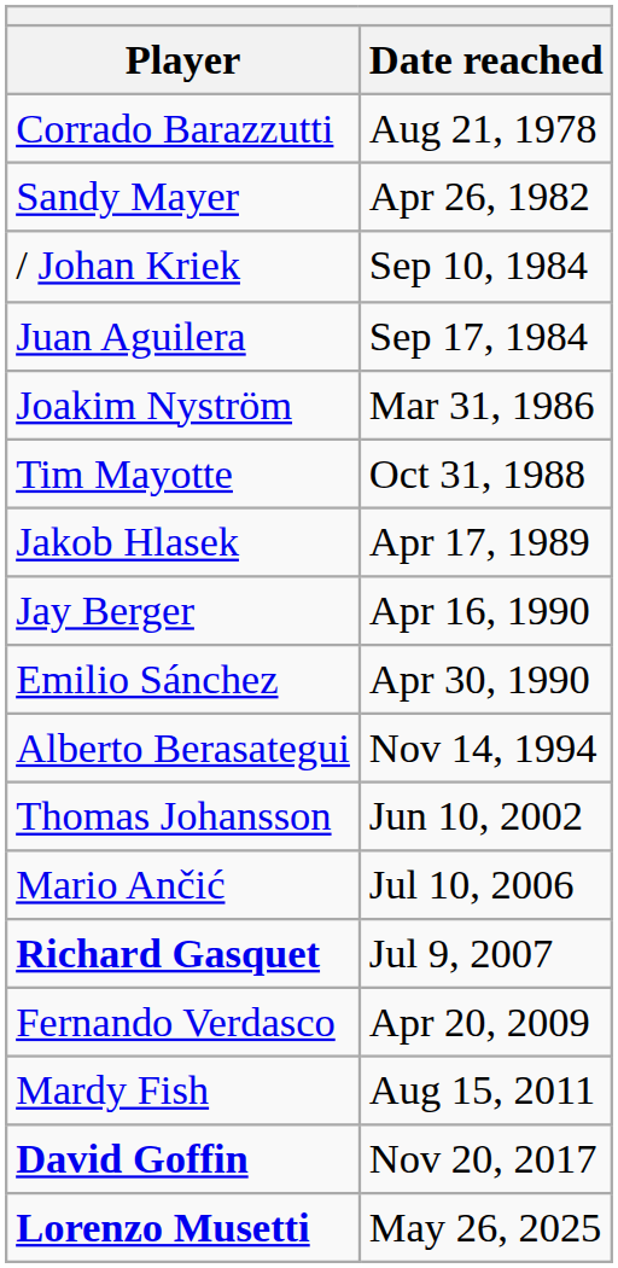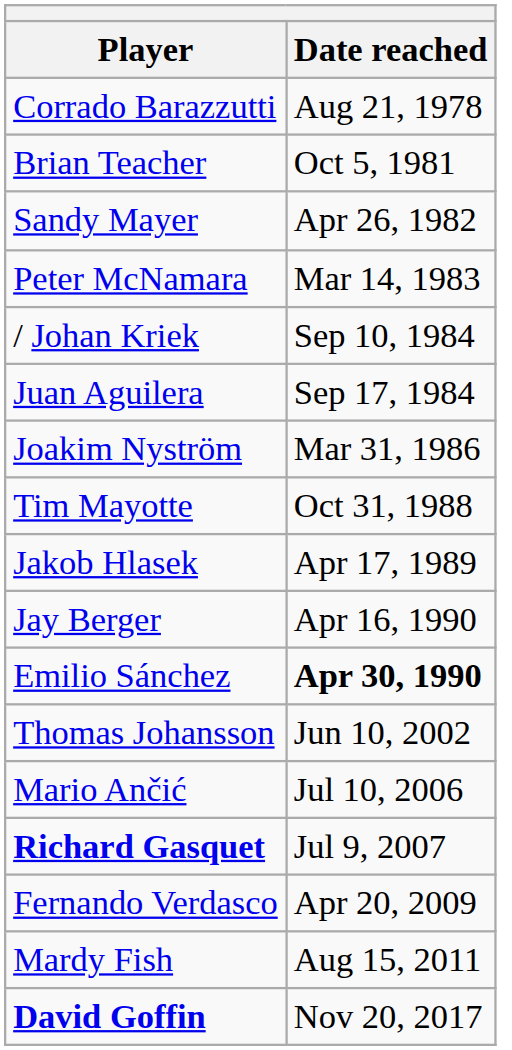 <table class="wikitable nowrap" style="display:inline-table; font-size:95%">
 <tr>
 <th colspan="2"></th>
 </tr>
 <tr>
 <th>Player</th>
 <th>Date reached</th>
 </tr>
 <tr>
 <td> <a href='#'>Corrado Barazzutti</a></td>
 <td>Aug 21, 1978</td>
 </tr>
 <tr>
+<td> <a href='#'>Brian Teacher</a></td>
+<td>Oct 5, 1981</td>
+</tr>
+<tr>
 <td> <a href='#'>Sandy Mayer</a></td>
 <td>Apr 26, 1982</td>
+</tr>
+<tr>
+<td> <a href='#'>Peter McNamara</a></td>
+<td>Mar 14, 1983</td>
 </tr>
 <tr>
 <td>/ <a href='#'>Johan Kriek</a></td>
 <td>Sep 10, 1984</td>
 </tr>
 <tr>
 <td> <a href='#'>Juan Aguilera</a></td>
 <td>Sep 17, 1984</td>
 </tr>
 <tr>
 <td> <a href='#'>Joakim Nyström</a></td>
 <td>Mar 31, 1986</td>
 </tr>
 <tr>
 <td> <a href='#'>Tim Mayotte</a></td>
 <td>Oct 31, 1988</td>
 </tr>
 <tr>
 <td> <a href='#'>Jakob Hlasek</a></td>
 <td>Apr 17, 1989</td>
 </tr>
 <tr>
 <td> <a href='#'>Jay Berger</a></td>
 <td>Apr 16, 1990</td>
 </tr>
 <tr>
 <td> <a href='#'>Emilio Sánchez</a></td>
-<td>Apr 30, 1990</td>
-</tr>
-<tr>
-<td> <a href='#'>Alberto Berasategui</a></td>
-<td>Nov 14, 1994</td>
+<td><strong>Apr 30, 1990</strong></td>
 </tr>
 <tr>
 <td> <a href='#'>Thomas Johansson</a></td>
 <td>Jun 10, 2002</td>
 </tr>
 <tr>
 <td> <a href='#'>Mario Ančić</a></td>
 <td>Jul 10, 2006</td>
 </tr>
 <tr>
 <td> <strong><a href='#'>Richard Gasquet</a></strong></td>
 <td>Jul 9, 2007</td>
 </tr>
 <tr>
 <td> <a href='#'>Fernando Verdasco</a></td>
 <td>Apr 20, 2009</td>
 </tr>
 <tr>
 <td> <a href='#'>Mardy Fish</a></td>
 <td>Aug 15, 2011</td>
 </tr>
 <tr>
 <td> <strong><a href='#'>David Goffin</a></strong></td>
 <td>Nov 20, 2017</td>
 </tr>
-<tr>
-<td> <strong><a href='#'>Lorenzo Musetti</a></strong></td>
-<td>May 26, 2025</td>
-</tr>
 </table>
